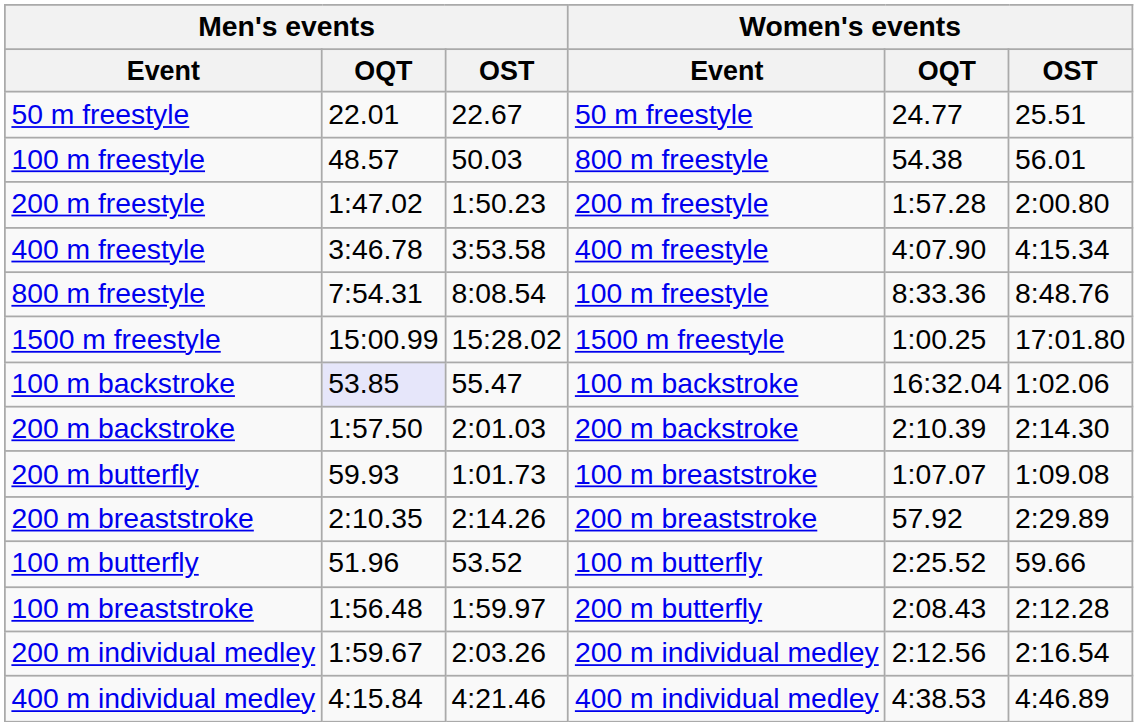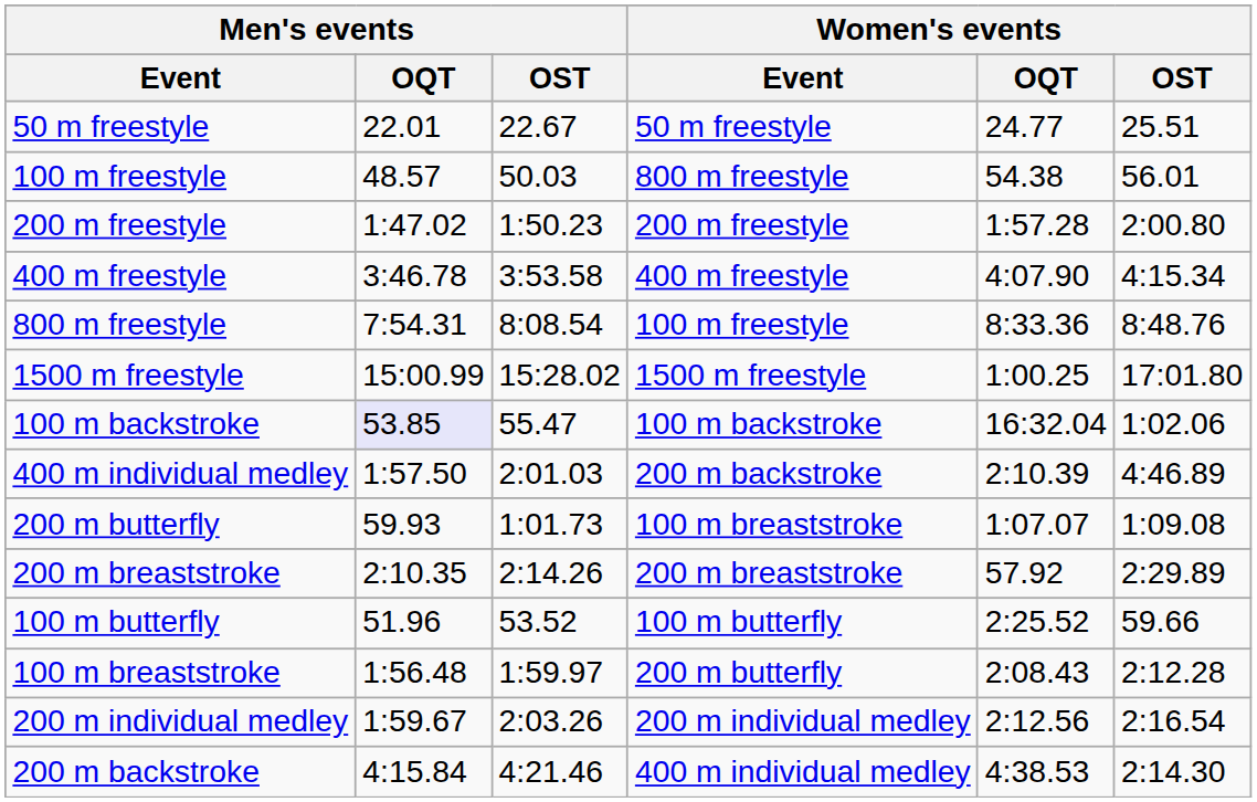 <table class="wikitable">
 <tr>
 <th colspan="3">Men's events</th>
 <th colspan="3">Women's events</th>
 </tr>
 <tr style="font-size:95%">
 <th>Event</th>
 <th>OQT</th>
 <th>OST</th>
 <th>Event</th>
 <th>OQT</th>
 <th>OST</th>
 </tr>
 <tr>
 <td><a href='#'>50 m freestyle</a></td>
 <td>22.01</td>
 <td>22.67</td>
 <td><a href='#'>50 m freestyle</a></td>
 <td>24.77</td>
 <td>25.51</td>
 </tr>
 <tr>
 <td><a href='#'>100 m freestyle</a></td>
 <td>48.57</td>
 <td>50.03</td>
 <td><a href='#'>800 m freestyle</a></td>
 <td>54.38</td>
 <td>56.01</td>
 </tr>
 <tr>
 <td><a href='#'>200 m freestyle</a></td>
 <td>1:47.02</td>
 <td>1:50.23</td>
 <td><a href='#'>200 m freestyle</a></td>
 <td>1:57.28</td>
 <td>2:00.80</td>
 </tr>
 <tr>
 <td><a href='#'>400 m freestyle</a></td>
 <td>3:46.78</td>
 <td>3:53.58</td>
 <td><a href='#'>400 m freestyle</a></td>
 <td>4:07.90</td>
 <td>4:15.34</td>
 </tr>
 <tr>
 <td><a href='#'>800 m freestyle</a></td>
 <td>7:54.31</td>
 <td>8:08.54</td>
 <td><a href='#'>100 m freestyle</a></td>
 <td>8:33.36</td>
 <td>8:48.76</td>
 </tr>
 <tr>
 <td><a href='#'>1500 m freestyle</a></td>
 <td>15:00.99</td>
 <td>15:28.02</td>
 <td><a href='#'>1500 m freestyle</a></td>
 <td>1:00.25</td>
 <td>17:01.80</td>
 </tr>
 <tr>
 <td><a href='#'>100 m backstroke</a></td>
 <td style="background: lavender;">53.85</td>
 <td>55.47</td>
 <td><a href='#'>100 m backstroke</a></td>
 <td>16:32.04</td>
 <td>1:02.06</td>
 </tr>
 <tr>
-<td><a href='#'>200 m backstroke</a></td>
+<td><a href='#'>400 m individual medley</a></td>
 <td>1:57.50</td>
 <td>2:01.03</td>
 <td><a href='#'>200 m backstroke</a></td>
 <td>2:10.39</td>
-<td>2:14.30</td>
+<td>4:46.89</td>
 </tr>
 <tr>
 <td><a href='#'>200 m butterfly</a></td>
 <td>59.93</td>
 <td>1:01.73</td>
 <td><a href='#'>100 m breaststroke</a></td>
 <td>1:07.07</td>
 <td>1:09.08</td>
 </tr>
 <tr>
 <td><a href='#'>200 m breaststroke</a></td>
 <td>2:10.35</td>
 <td>2:14.26</td>
 <td><a href='#'>200 m breaststroke</a></td>
 <td>57.92</td>
 <td>2:29.89</td>
 </tr>
 <tr>
 <td><a href='#'>100 m butterfly</a></td>
 <td>51.96</td>
 <td>53.52</td>
 <td><a href='#'>100 m butterfly</a></td>
 <td>2:25.52</td>
 <td>59.66</td>
 </tr>
 <tr>
 <td><a href='#'>100 m breaststroke</a></td>
 <td>1:56.48</td>
 <td>1:59.97</td>
 <td><a href='#'>200 m butterfly</a></td>
 <td>2:08.43</td>
 <td>2:12.28</td>
 </tr>
 <tr>
 <td><a href='#'>200 m individual medley</a></td>
 <td>1:59.67</td>
 <td>2:03.26</td>
 <td><a href='#'>200 m individual medley</a></td>
 <td>2:12.56</td>
 <td>2:16.54</td>
 </tr>
 <tr>
-<td><a href='#'>400 m individual medley</a></td>
+<td><a href='#'>200 m backstroke</a></td>
 <td>4:15.84</td>
 <td>4:21.46</td>
 <td><a href='#'>400 m individual medley</a></td>
 <td>4:38.53</td>
-<td>4:46.89</td>
+<td>2:14.30</td>
 </tr>
 </table>
